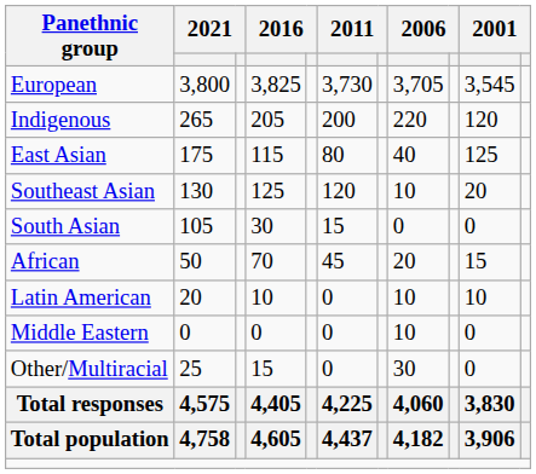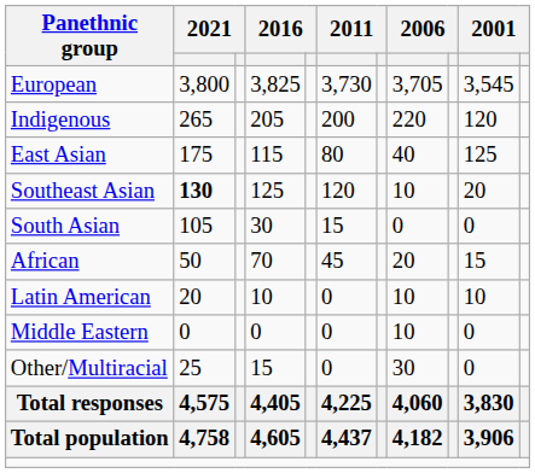 <table class="wikitable collapsible sortable">
 <tr>
 <th rowspan="2"><a href='#'>Panethnic</a><br>group</th>
 <th colspan="2">2021</th>
 <th colspan="2">2016</th>
 <th colspan="2">2011</th>
 <th colspan="2">2006</th>
 <th colspan="2">2001</th>
 </tr>
 <tr>
 <th><a href='#'></a></th>
 <th></th>
 <th></th>
 <th></th>
 <th></th>
 <th></th>
 <th></th>
 <th></th>
 <th></th>
 <th></th>
 </tr>
 <tr>
 <td><a href='#'>European</a></td>
 <td>3,800</td>
 <td></td>
 <td>3,825</td>
 <td></td>
 <td>3,730</td>
 <td></td>
 <td>3,705</td>
 <td></td>
 <td>3,545</td>
 <td></td>
 </tr>
 <tr>
 <td><a href='#'>Indigenous</a></td>
 <td>265</td>
 <td></td>
 <td>205</td>
 <td></td>
 <td>200</td>
 <td></td>
 <td>220</td>
 <td></td>
 <td>120</td>
 <td></td>
 </tr>
 <tr>
 <td><a href='#'>East Asian</a></td>
 <td>175</td>
 <td></td>
 <td>115</td>
 <td></td>
 <td>80</td>
 <td></td>
 <td>40</td>
 <td></td>
 <td>125</td>
 <td></td>
 </tr>
 <tr>
 <td><a href='#'>Southeast Asian</a></td>
-<td>130</td>
+<td><strong>130</strong></td>
 <td></td>
 <td>125</td>
 <td></td>
 <td>120</td>
 <td></td>
 <td>10</td>
 <td></td>
 <td>20</td>
 <td></td>
 </tr>
 <tr>
 <td><a href='#'>South Asian</a></td>
 <td>105</td>
 <td></td>
 <td>30</td>
 <td></td>
 <td>15</td>
 <td></td>
 <td>0</td>
 <td></td>
 <td>0</td>
 <td></td>
 </tr>
 <tr>
 <td><a href='#'>African</a></td>
 <td>50</td>
 <td></td>
 <td>70</td>
 <td></td>
 <td>45</td>
 <td></td>
 <td>20</td>
 <td></td>
 <td>15</td>
 <td></td>
 </tr>
 <tr>
 <td><a href='#'>Latin American</a></td>
 <td>20</td>
 <td></td>
 <td>10</td>
 <td></td>
 <td>0</td>
 <td></td>
 <td>10</td>
 <td></td>
 <td>10</td>
 <td></td>
 </tr>
 <tr>
 <td><a href='#'>Middle Eastern</a></td>
 <td>0</td>
 <td></td>
 <td>0</td>
 <td></td>
 <td>0</td>
 <td></td>
 <td>10</td>
 <td></td>
 <td>0</td>
 <td></td>
 </tr>
 <tr>
 <td>Other/<a href='#'>Multiracial</a></td>
 <td>25</td>
 <td></td>
 <td>15</td>
 <td></td>
 <td>0</td>
 <td></td>
 <td>30</td>
 <td></td>
 <td>0</td>
 <td></td>
 </tr>
 <tr>
 <th>Total responses</th>
 <th>4,575</th>
 <th></th>
 <th>4,405</th>
 <th></th>
 <th>4,225</th>
 <th></th>
 <th>4,060</th>
 <th></th>
 <th>3,830</th>
 <th></th>
 </tr>
 <tr>
 <th>Total population</th>
 <th>4,758</th>
 <th></th>
 <th>4,605</th>
 <th></th>
 <th>4,437</th>
 <th></th>
 <th>4,182</th>
 <th></th>
 <th>3,906</th>
 <th></th>
 </tr>
 <tr class="sortbottom">
 <td colspan="15"></td>
 </tr>
 </table>
